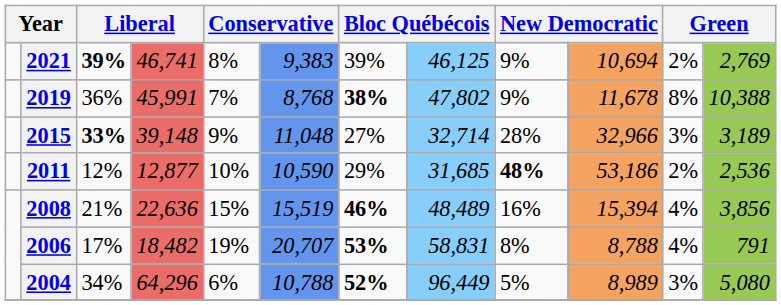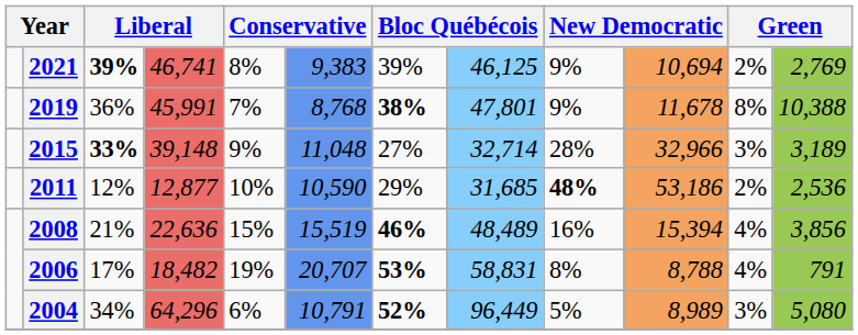 <table class="wikitable" style="float:right; width:400; font-size:90%; margin-left:1em;">
 <tr>
 <th colspan="2" scope="col">Year</th>
 <th colspan="2" scope="col"><a href='#'>Liberal</a></th>
 <th colspan="2" scope="col"><a href='#'>Conservative</a></th>
 <th colspan="2" scope="col"><a href='#'>Bloc Québécois</a></th>
 <th colspan="2" scope="col"><a href='#'>New Democratic</a></th>
 <th colspan="2" scope="col"><a href='#'>Green</a></th>
 </tr>
 <tr>
 <td style="width: 0.25em; background-color: "></td>
 <th><a href='#'>2021</a></th>
 <td><strong>39%</strong></td>
 <td style="text-align:right; background:#EA6D6A;"><em>46,741</em></td>
 <td>8%</td>
 <td style="text-align:right; background:#6495ED;"><em>9,383</em></td>
 <td>39%</td>
 <td style="text-align:right; background:#87CEFA;"><em>46,125</em></td>
 <td>9%</td>
 <td style="text-align:right; background:#F4A460;"><em>10,694</em></td>
 <td>2%</td>
 <td style="text-align:right; background:#99C955;"><em>2,769</em></td>
 </tr>
 <tr>
 <td style="width: 0.25em; background-color: "></td>
 <th><a href='#'>2019</a></th>
 <td>36%</td>
 <td style="text-align:right; background:#EA6D6A;"><em>45,991</em></td>
 <td>7%</td>
 <td style="text-align:right; background:#6495ED;"><em>8,768</em></td>
 <td><strong>38%</strong></td>
-<td style="text-align:right; background:#87CEFA;"><em>47,802</em></td>
+<td style="text-align:right; background:#87CEFA;"><em>47,801</em></td>
 <td>9%</td>
 <td style="text-align:right; background:#F4A460;"><em>11,678</em></td>
 <td>8%</td>
 <td style="text-align:right; background:#99C955;"><em>10,388</em></td>
 </tr>
 <tr>
 <td style="width: 0.25em; background-color: "></td>
 <th><a href='#'>2015</a></th>
 <td><strong>33%</strong></td>
 <td style="text-align:right; background:#EA6D6A;"><em>39,148</em></td>
 <td>9%</td>
 <td style="text-align:right; background:#6495ED;"><em>11,048</em></td>
 <td>27%</td>
 <td style="text-align:right; background:#87CEFA;"><em>32,714</em></td>
 <td>28%</td>
 <td style="text-align:right; background:#F4A460;"><em>32,966</em></td>
 <td>3%</td>
 <td style="text-align:right; background:#99C955;"><em>3,189</em></td>
 </tr>
 <tr>
 <td style="width: 0.25em; background-color: "></td>
 <th><a href='#'>2011</a></th>
 <td>12%</td>
 <td style="text-align:right; background:#EA6D6A;"><em>12,877</em></td>
 <td>10%</td>
 <td style="text-align:right; background:#6495ED;"><em>10,590</em></td>
 <td>29%</td>
 <td style="text-align:right; background:#87CEFA;"><em>31,685</em></td>
 <td><strong>48%</strong></td>
 <td style="text-align:right; background:#F4A460;"><em>53,186</em></td>
 <td>2%</td>
 <td style="text-align:right; background:#99C955;"><em>2,536</em></td>
 </tr>
 <tr>
 <td rowspan="3" style="width: 0.25em; background-color: "></td>
 <th><a href='#'>2008</a></th>
 <td>21%</td>
 <td style="text-align:right; background:#EA6D6A;"><em>22,636</em></td>
 <td>15%</td>
 <td style="text-align:right; background:#6495ED;"><em>15,519</em></td>
 <td><strong>46%</strong></td>
 <td style="text-align:right; background:#87CEFA;"><em>48,489</em></td>
 <td>16%</td>
 <td style="text-align:right; background:#F4A460;"><em>15,394</em></td>
 <td>4%</td>
 <td style="text-align:right; background:#99C955;"><em>3,856</em></td>
 </tr>
 <tr>
 <th><a href='#'>2006</a></th>
 <td>17%</td>
 <td style="text-align:right; background:#EA6D6A;"><em>18,482</em></td>
 <td>19%</td>
 <td style="text-align:right; background:#6495ED;"><em>20,707</em></td>
 <td><strong>53%</strong></td>
 <td style="text-align:right; background:#87CEFA;"><em>58,831</em></td>
 <td>8%</td>
 <td style="text-align:right; background:#F4A460;"><em>8,788</em></td>
 <td>4%</td>
 <td style="text-align:right; background:#99C955;"><em>791</em></td>
 </tr>
 <tr>
 <th><a href='#'>2004</a></th>
 <td>34%</td>
 <td style="text-align:right; background:#EA6D6A;"><em>64,296</em></td>
 <td>6%</td>
-<td style="text-align:right; background:#6495ED;"><em>10,788</em></td>
+<td style="text-align:right; background:#6495ED;"><em>10,791</em></td>
 <td><strong>52%</strong></td>
 <td style="text-align:right; background:#87CEFA;"><em>96,449</em></td>
 <td>5%</td>
 <td style="text-align:right; background:#F4A460;"><em>8,989</em></td>
 <td>3%</td>
 <td style="text-align:right; background:#99C955;"><em>5,080</em></td>
 </tr>
 <tr>
 </tr>
 </table>
